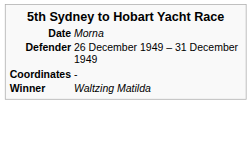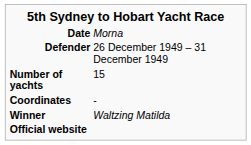 <table class="infobox" style="width: 23em; font-size: 90%">
 <tr>
 <th colspan="2" style="text-align: center; font-size: larger;"><strong>5th Sydney to Hobart Yacht Race</strong></th>
 </tr>
 <tr>
 <td style="text-align: right;"><strong>Date</strong></td>
 <td><em>Morna</em></td>
 </tr>
 <tr>
 <td style="text-align: right;"><strong>Defender</strong></td>
 <td>26 December 1949 – 31 December 1949</td>
 </tr>
 <tr>
+<td><strong>Number of yachts</strong></td>
+<td>15</td>
+</tr>
+<tr>
 <td><strong>Coordinates</strong></td>
 <td>-<br></td>
 </tr>
 <tr>
 <td><strong>Winner</strong></td>
 <td><em>Waltzing Matilda</em></td>
 </tr>
+<tr>
+<td><strong>Official website</strong></td>
+<td></td>
+</tr>
 </table>
